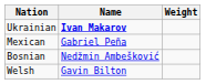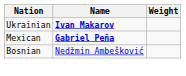 <table class="wikitable" style="display: inline-table;width: 45%;">
 <tr>
 <th>Nation</th>
 <th>Name</th>
 <th>Weight</th>
 </tr>
 <tr>
 <td> Ukrainian</td>
 <td><strong><a href='#'>Ivan Makarov</a></strong></td>
 <td></td>
 </tr>
 <tr>
 <td> Mexican</td>
-<td><a href='#'>Gabriel Peña</a></td>
+<td><strong><a href='#'>Gabriel Peña</a></strong></td>
 <td></td>
 </tr>
 <tr>
 <td> Bosnian</td>
 <td><a href='#'>Nedžmin Ambešković</a></td>
 <td></td>
 </tr>
-<tr>
-<td> Welsh</td>
-<td><a href='#'>Gavin Bilton</a></td>
-<td></td>
-</tr>
 </table>
